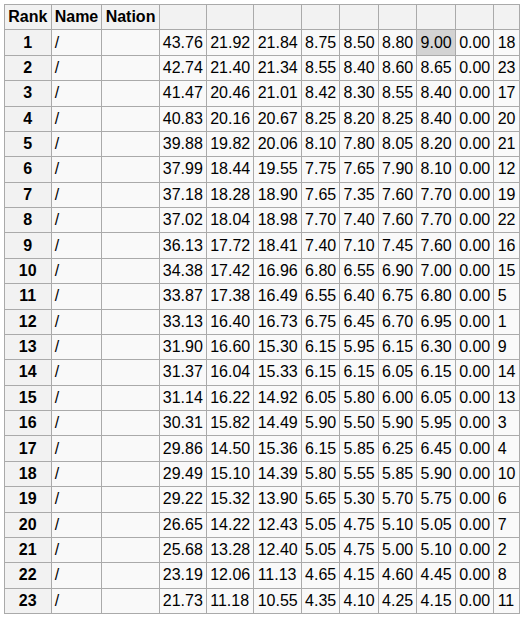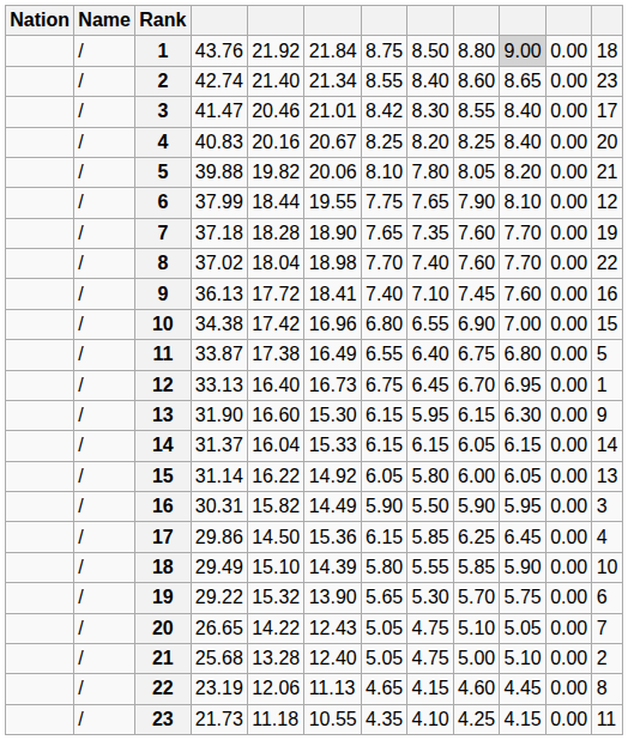 <table class="wikitable sortable">
 <tr>
+<th>Nation</th>
+<th>Name</th>
 <th>Rank</th>
-<th>Name</th>
-<th>Nation</th>
 <th></th>
 <th></th>
 <th></th>
 <th></th>
 <th></th>
 <th></th>
 <th></th>
 <th></th>
 <th></th>
 </tr>
 <tr>
+<td></td>
+<td> / </td>
 <th>1</th>
-<td> / </td>
-<td></td>
 <td>43.76</td>
 <td>21.92</td>
 <td>21.84</td>
 <td>8.75</td>
 <td>8.50</td>
 <td>8.80</td>
 <td style="background: lightgrey;">9.00</td>
 <td>0.00</td>
 <td>18</td>
 </tr>
 <tr>
+<td></td>
+<td> / </td>
 <th>2</th>
-<td> / </td>
-<td></td>
 <td>42.74</td>
 <td>21.40</td>
 <td>21.34</td>
 <td>8.55</td>
 <td>8.40</td>
 <td>8.60</td>
 <td>8.65</td>
 <td>0.00</td>
 <td>23</td>
 </tr>
 <tr>
+<td></td>
+<td> / </td>
 <th>3</th>
-<td> / </td>
-<td></td>
 <td>41.47</td>
 <td>20.46</td>
 <td>21.01</td>
 <td>8.42</td>
 <td>8.30</td>
 <td>8.55</td>
 <td>8.40</td>
 <td>0.00</td>
 <td>17</td>
 </tr>
 <tr>
+<td></td>
+<td> / </td>
 <th>4</th>
-<td> / </td>
-<td></td>
 <td>40.83</td>
 <td>20.16</td>
 <td>20.67</td>
 <td>8.25</td>
 <td>8.20</td>
 <td>8.25</td>
 <td>8.40</td>
 <td>0.00</td>
 <td>20</td>
 </tr>
 <tr>
+<td></td>
+<td> / </td>
 <th>5</th>
-<td> / </td>
-<td></td>
 <td>39.88</td>
 <td>19.82</td>
 <td>20.06</td>
 <td>8.10</td>
 <td>7.80</td>
 <td>8.05</td>
 <td>8.20</td>
 <td>0.00</td>
 <td>21</td>
 </tr>
 <tr>
+<td></td>
+<td> / </td>
 <th>6</th>
-<td> / </td>
-<td></td>
 <td>37.99</td>
 <td>18.44</td>
 <td>19.55</td>
 <td>7.75</td>
 <td>7.65</td>
 <td>7.90</td>
 <td>8.10</td>
 <td>0.00</td>
 <td>12</td>
 </tr>
 <tr>
+<td></td>
+<td> / </td>
 <th>7</th>
-<td> / </td>
-<td></td>
 <td>37.18</td>
 <td>18.28</td>
 <td>18.90</td>
 <td>7.65</td>
 <td>7.35</td>
 <td>7.60</td>
 <td>7.70</td>
 <td>0.00</td>
 <td>19</td>
 </tr>
 <tr>
+<td></td>
+<td> / </td>
 <th>8</th>
-<td> / </td>
-<td></td>
 <td>37.02</td>
 <td>18.04</td>
 <td>18.98</td>
 <td>7.70</td>
 <td>7.40</td>
 <td>7.60</td>
 <td>7.70</td>
 <td>0.00</td>
 <td>22</td>
 </tr>
 <tr>
+<td></td>
+<td> / </td>
 <th>9</th>
-<td> / </td>
-<td></td>
 <td>36.13</td>
 <td>17.72</td>
 <td>18.41</td>
 <td>7.40</td>
 <td>7.10</td>
 <td>7.45</td>
 <td>7.60</td>
 <td>0.00</td>
 <td>16</td>
 </tr>
 <tr>
+<td></td>
+<td> / </td>
 <th>10</th>
-<td> / </td>
-<td></td>
 <td>34.38</td>
 <td>17.42</td>
 <td>16.96</td>
 <td>6.80</td>
 <td>6.55</td>
 <td>6.90</td>
 <td>7.00</td>
 <td>0.00</td>
 <td>15</td>
 </tr>
 <tr>
+<td></td>
+<td> / </td>
 <th>11</th>
-<td> / </td>
-<td></td>
 <td>33.87</td>
 <td>17.38</td>
 <td>16.49</td>
 <td>6.55</td>
 <td>6.40</td>
 <td>6.75</td>
 <td>6.80</td>
 <td>0.00</td>
 <td>5</td>
 </tr>
 <tr>
+<td></td>
+<td> / </td>
 <th>12</th>
-<td> / </td>
-<td></td>
 <td>33.13</td>
 <td>16.40</td>
 <td>16.73</td>
 <td>6.75</td>
 <td>6.45</td>
 <td>6.70</td>
 <td>6.95</td>
 <td>0.00</td>
 <td>1</td>
 </tr>
 <tr>
+<td></td>
+<td> / </td>
 <th>13</th>
-<td> / </td>
-<td></td>
 <td>31.90</td>
 <td>16.60</td>
 <td>15.30</td>
 <td>6.15</td>
 <td>5.95</td>
 <td>6.15</td>
 <td>6.30</td>
 <td>0.00</td>
 <td>9</td>
 </tr>
 <tr>
+<td></td>
+<td> / </td>
 <th>14</th>
-<td> / </td>
-<td></td>
 <td>31.37</td>
 <td>16.04</td>
 <td>15.33</td>
 <td>6.15</td>
 <td>6.15</td>
 <td>6.05</td>
 <td>6.15</td>
 <td>0.00</td>
 <td>14</td>
 </tr>
 <tr>
+<td></td>
+<td> / </td>
 <th>15</th>
-<td> / </td>
-<td></td>
 <td>31.14</td>
 <td>16.22</td>
 <td>14.92</td>
 <td>6.05</td>
 <td>5.80</td>
 <td>6.00</td>
 <td>6.05</td>
 <td>0.00</td>
 <td>13</td>
 </tr>
 <tr>
+<td></td>
+<td> / </td>
 <th>16</th>
-<td> / </td>
-<td></td>
 <td>30.31</td>
 <td>15.82</td>
 <td>14.49</td>
 <td>5.90</td>
 <td>5.50</td>
 <td>5.90</td>
 <td>5.95</td>
 <td>0.00</td>
 <td>3</td>
 </tr>
 <tr>
+<td></td>
+<td> / </td>
 <th>17</th>
-<td> / </td>
-<td></td>
 <td>29.86</td>
 <td>14.50</td>
 <td>15.36</td>
 <td>6.15</td>
 <td>5.85</td>
 <td>6.25</td>
 <td>6.45</td>
 <td>0.00</td>
 <td>4</td>
 </tr>
 <tr>
+<td></td>
+<td> / </td>
 <th>18</th>
-<td> / </td>
-<td></td>
 <td>29.49</td>
 <td>15.10</td>
 <td>14.39</td>
 <td>5.80</td>
 <td>5.55</td>
 <td>5.85</td>
 <td>5.90</td>
 <td>0.00</td>
 <td>10</td>
 </tr>
 <tr>
+<td></td>
+<td> / </td>
 <th>19</th>
-<td> / </td>
-<td></td>
 <td>29.22</td>
 <td>15.32</td>
 <td>13.90</td>
 <td>5.65</td>
 <td>5.30</td>
 <td>5.70</td>
 <td>5.75</td>
 <td>0.00</td>
 <td>6</td>
 </tr>
 <tr>
+<td></td>
+<td> / </td>
 <th>20</th>
-<td> / </td>
-<td></td>
 <td>26.65</td>
 <td>14.22</td>
 <td>12.43</td>
 <td>5.05</td>
 <td>4.75</td>
 <td>5.10</td>
 <td>5.05</td>
 <td>0.00</td>
 <td>7</td>
 </tr>
 <tr>
+<td></td>
+<td> / </td>
 <th>21</th>
-<td> / </td>
-<td></td>
 <td>25.68</td>
 <td>13.28</td>
 <td>12.40</td>
 <td>5.05</td>
 <td>4.75</td>
 <td>5.00</td>
 <td>5.10</td>
 <td>0.00</td>
 <td>2</td>
 </tr>
 <tr>
+<td></td>
+<td> / </td>
 <th>22</th>
-<td> / </td>
-<td></td>
 <td>23.19</td>
 <td>12.06</td>
 <td>11.13</td>
 <td>4.65</td>
 <td>4.15</td>
 <td>4.60</td>
 <td>4.45</td>
 <td>0.00</td>
 <td>8</td>
 </tr>
 <tr>
+<td></td>
+<td> / </td>
 <th>23</th>
-<td> / </td>
-<td></td>
 <td>21.73</td>
 <td>11.18</td>
 <td>10.55</td>
 <td>4.35</td>
 <td>4.10</td>
 <td>4.25</td>
 <td>4.15</td>
 <td>0.00</td>
 <td>11</td>
 </tr>
 </table>
